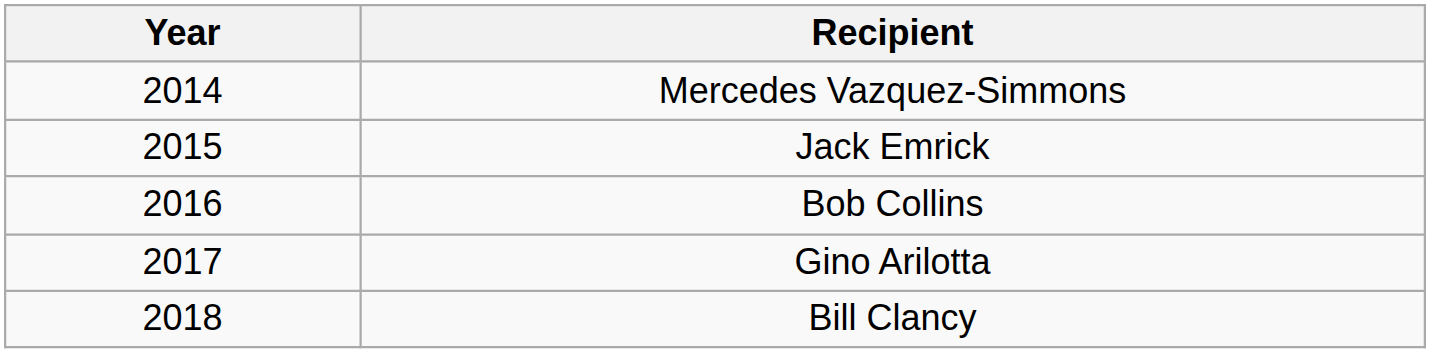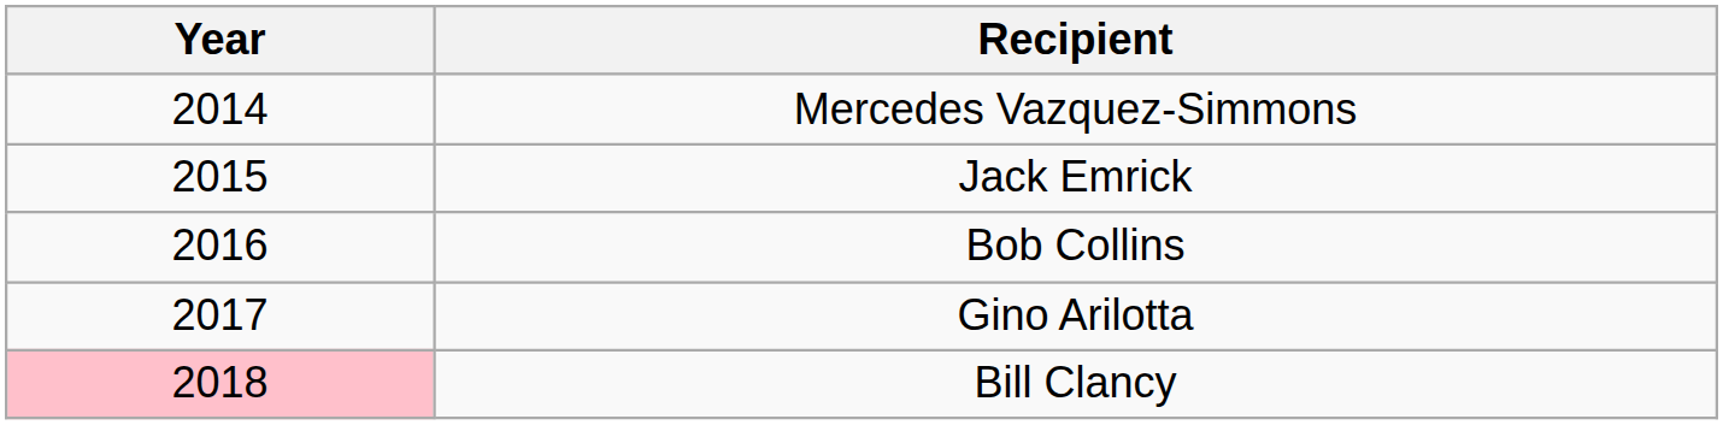 <table class="wikitable" style="text-align:center; width:50%">
 <tr>
 <th width="10%">Year</th>
 <th width="30%">Recipient</th>
 </tr>
 <tr>
 <td>2014</td>
 <td>Mercedes Vazquez-Simmons</td>
 </tr>
 <tr>
 <td>2015</td>
 <td>Jack Emrick</td>
 </tr>
 <tr>
 <td>2016</td>
 <td>Bob Collins</td>
 </tr>
 <tr>
 <td>2017</td>
 <td>Gino Arilotta</td>
 </tr>
 <tr>
-<td>2018</td>
+<td style="background: pink;">2018</td>
 <td>Bill Clancy</td>
 </tr>
 </table>
